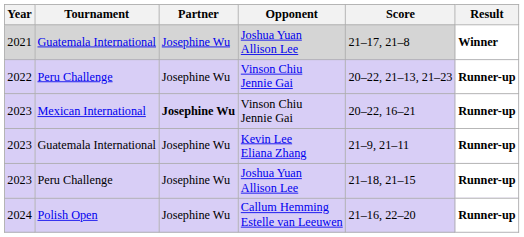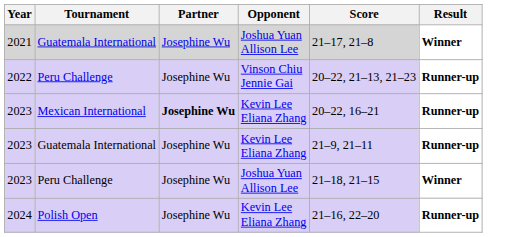 <table class="sortable wikitable" style="font-size: 90%;">
 <tr>
 <th>Year</th>
 <th>Tournament</th>
 <th>Partner</th>
 <th>Opponent</th>
 <th>Score</th>
 <th>Result</th>
 </tr>
 <tr style="background:#D5D5D5">
 <td align="center">2021</td>
 <td align="left"><a href='#'>Guatemala International</a></td>
 <td align="left"> <a href='#'>Josephine Wu</a></td>
 <td align="left"> <a href='#'>Joshua Yuan</a><br> <a href='#'>Allison Lee</a></td>
 <td align="left">21–17, 21–8</td>
 <td style="text-align:left; background:white"> <strong>Winner</strong></td>
 </tr>
 <tr style="background:#D8CEF6">
 <td align="center">2022</td>
 <td align="left"><a href='#'>Peru Challenge</a></td>
 <td align="left"> Josephine Wu</td>
 <td align="left"> <a href='#'>Vinson Chiu</a><br> <a href='#'>Jennie Gai</a></td>
 <td align="left">20–22, 21–13, 21–23</td>
 <td style="text-align:left; background:white"> <strong>Runner-up</strong></td>
 </tr>
 <tr style="background:#D8CEF6">
 <td align="center">2023</td>
 <td align="left"><a href='#'>Mexican International</a></td>
 <td align="left"><strong> Josephine Wu</strong></td>
-<td align="left"> Vinson Chiu<br> Jennie Gai</td>
+<td align="left"> <a href='#'>Kevin Lee</a><br> <a href='#'>Eliana Zhang</a></td>
 <td align="left">20–22, 16–21</td>
 <td style="text-align:left; background:white"> <strong>Runner-up</strong></td>
 </tr>
 <tr style="background:#D8CEF6">
 <td align="center">2023</td>
 <td align="left">Guatemala International</td>
 <td align="left"> Josephine Wu</td>
 <td align="left"> <a href='#'>Kevin Lee</a><br> <a href='#'>Eliana Zhang</a></td>
 <td align="left">21–9, 21–11</td>
 <td style="text-align:left; background:white"> <strong>Runner-up</strong></td>
 </tr>
 <tr style="background:#D8CEF6">
 <td align="center">2023</td>
 <td align="left">Peru Challenge</td>
 <td align="left"> Josephine Wu</td>
 <td align="left"> <a href='#'>Joshua Yuan</a><br> <a href='#'>Allison Lee</a></td>
 <td align="left">21–18, 21–15</td>
-<td style="text-align:left; background:white"> <strong>Runner-up</strong></td>
+<td style="text-align:left; background:white"> <strong>Winner</strong></td>
 </tr>
 <tr style="background:#D8CEF6">
 <td align="center">2024</td>
 <td align="left"><a href='#'>Polish Open</a></td>
 <td align="left"> Josephine Wu</td>
-<td align="left"> <a href='#'>Callum Hemming</a><br> <a href='#'>Estelle van Leeuwen</a></td>
+<td align="left"> <a href='#'>Kevin Lee</a><br> <a href='#'>Eliana Zhang</a></td>
 <td align="left">21–16, 22–20</td>
 <td style="text-align:left; background:white"> <strong>Runner-up</strong></td>
 </tr>
 </table>
